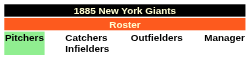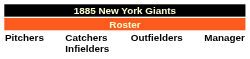 <table class="toccolours" style="font-size: 95%;">
 <tr>
 <th colspan="10" style="background-color: black; color: #FFFDD0; text-align: center;">1885 New York Giants</th>
 </tr>
 <tr>
 <td colspan="10" style="background-color: #fd5a1e; color: #FFFDD0; text-align: center;"><strong>Roster</strong></td>
 </tr>
 <tr>
-<td valign="top" style="background: lightgreen;"><strong>Pitchers</strong><br>  </td>
+<td valign="top"><strong>Pitchers</strong><br>  </td>
 <td width="25px"></td>
 <td valign="top"><strong>Catchers</strong><br>  <strong>Infielders</strong>    </td>
 <td width="25px"></td>
 <td valign="top"><strong>Outfielders</strong><br>   </td>
 <td width="25px"></td>
 <td valign="top"><strong>Manager</strong><br></td>
 </tr>
 </table>
